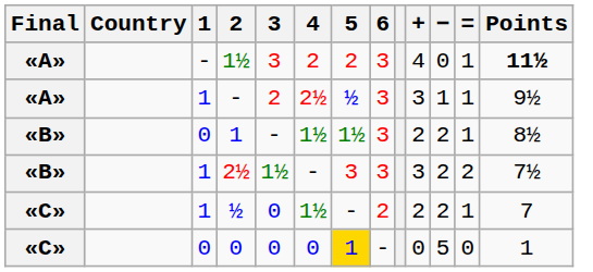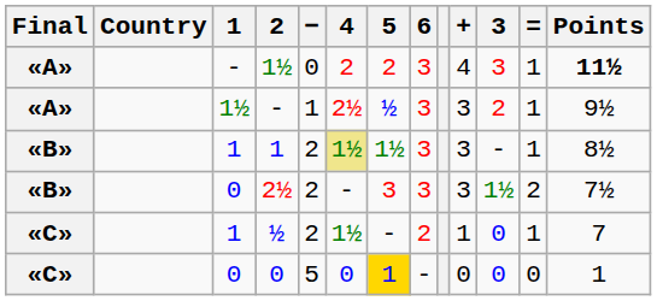 <table class="wikitable" style="text-align:center">
 <tr>
 <th>Final</th>
 <th>Country</th>
 <th>1</th>
 <th>2</th>
-<th>3</th>
+<th>−</th>
 <th>4</th>
 <th>5</th>
 <th>6</th>
 <th></th>
 <th>+</th>
-<th>−</th>
+<th>3</th>
 <th>=</th>
 <th>Points</th>
 </tr>
 <tr>
 <th>«A»</th>
 <td style="text-align: left"></td>
 <td>-</td>
 <td style="color:green;">1½</td>
-<td style="color:red;">3</td>
+<td>0</td>
 <td style="color:red;">2</td>
 <td style="color:red;">2</td>
 <td style="color:red;">3</td>
 <th></th>
 <td>4</td>
-<td>0</td>
+<td style="color:red;">3</td>
 <td>1</td>
 <td><strong>11½</strong></td>
 </tr>
 <tr>
 <th>«A»</th>
 <td style="text-align: left"></td>
-<td style="color:blue;">1</td>
+<td style="color:green;">1½</td>
 <td>-</td>
-<td style="color:red;">2</td>
+<td>1</td>
 <td style="color:red;">2½</td>
 <td style="color:blue;">½</td>
 <td style="color:red;">3</td>
 <th></th>
 <td>3</td>
-<td>1</td>
+<td style="color:red;">2</td>
 <td>1</td>
 <td>9½</td>
 </tr>
 <tr>
 <th>«B»</th>
 <td style="text-align: left"></td>
-<td style="color:blue;">0</td>
 <td style="color:blue;">1</td>
-<td>-</td>
-<td style="color:green;">1½</td>
+<td style="color:blue;">1</td>
+<td>2</td>
+<td style="background: khaki; color:green;">1½</td>
 <td style="color:green;">1½</td>
 <td style="color:red;">3</td>
 <th></th>
-<td>2</td>
-<td>2</td>
+<td>3</td>
+<td>-</td>
 <td>1</td>
 <td>8½</td>
 </tr>
 <tr>
 <th>«B»</th>
 <td style="text-align: left"></td>
-<td style="color:blue;">1</td>
+<td style="color:blue;">0</td>
 <td style="color:red;">2½</td>
-<td style="color:green;">1½</td>
+<td>2</td>
 <td>-</td>
 <td style="color:red;">3</td>
 <td style="color:red;">3</td>
 <th></th>
 <td>3</td>
-<td>2</td>
+<td style="color:green;">1½</td>
 <td>2</td>
 <td>7½</td>
 </tr>
 <tr>
 <th>«C»</th>
 <td style="text-align: left"></td>
 <td style="color:blue;">1</td>
 <td style="color:blue;">½</td>
-<td style="color:blue;">0</td>
+<td>2</td>
 <td style="color:green;">1½</td>
 <td>-</td>
 <td style="color:red;">2</td>
 <th></th>
-<td>2</td>
-<td>2</td>
+<td>1</td>
+<td style="color:blue;">0</td>
 <td>1</td>
 <td>7</td>
 </tr>
 <tr>
 <th>«C»</th>
 <td style="text-align: left"></td>
 <td style="color:blue;">0</td>
 <td style="color:blue;">0</td>
-<td style="color:blue;">0</td>
+<td>5</td>
 <td style="color:blue;">0</td>
 <td style="background: gold; color:blue;">1</td>
 <td>-</td>
 <th></th>
 <td>0</td>
-<td>5</td>
+<td style="color:blue;">0</td>
 <td>0</td>
 <td>1</td>
 </tr>
 </table>
